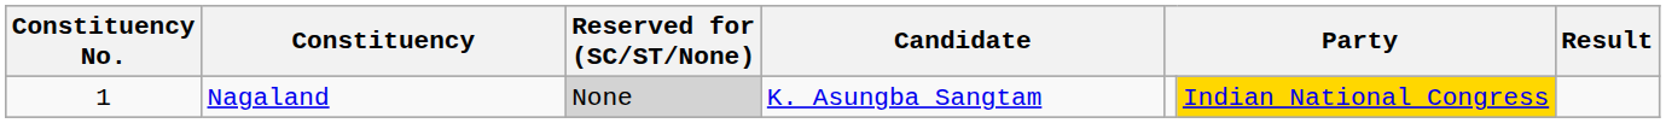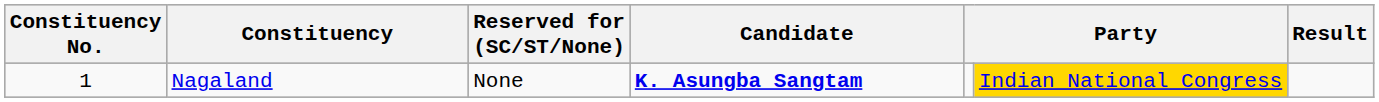 <table class= "wikitable sortable">
 <tr>
 <th>Constituency <br> No.</th>
 <th style="width:180px;">Constituency</th>
 <th>Reserved for<br>(SC/ST/None)</th>
 <th style="width:200px;">Candidate</th>
 <th colspan="2">Party</th>
 <th>Result</th>
 </tr>
 <tr>
 <td align="center">1</td>
 <td><a href='#'>Nagaland</a></td>
-<td style="background: lightgrey;">None</td>
-<td><a href='#'>K. Asungba Sangtam</a></td>
+<td>None</td>
+<td><strong><a href='#'>K. Asungba Sangtam</a></strong></td>
 <td bgcolor=></td>
 <td style="background: gold;"><a href='#'>Indian National Congress</a></td>
 <td></td>
 </tr>
 </table>
